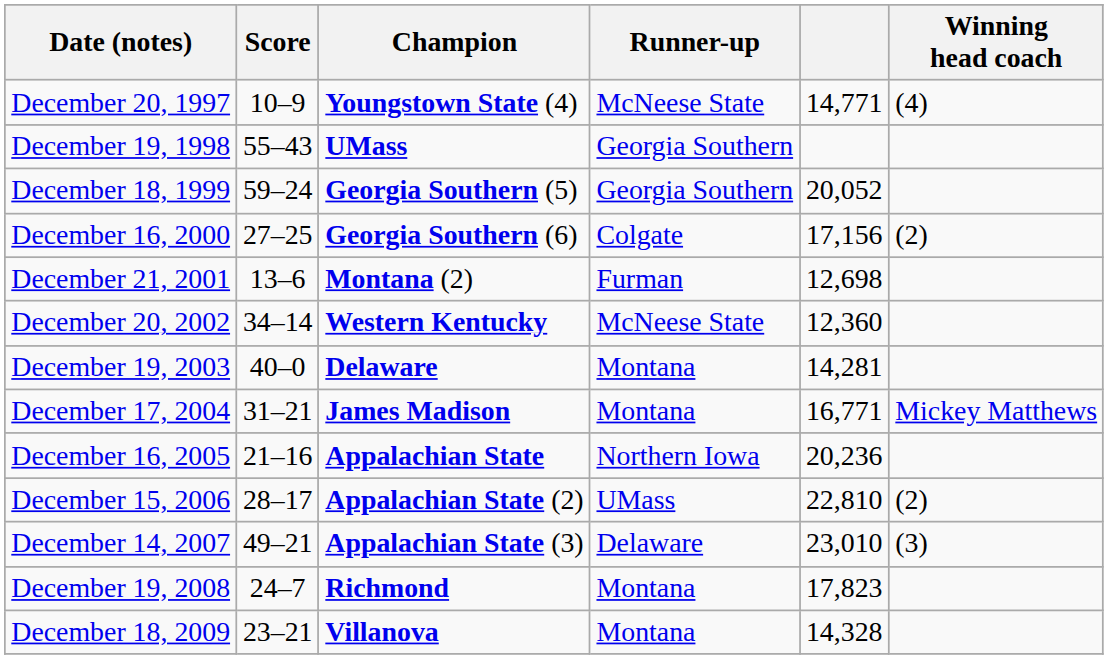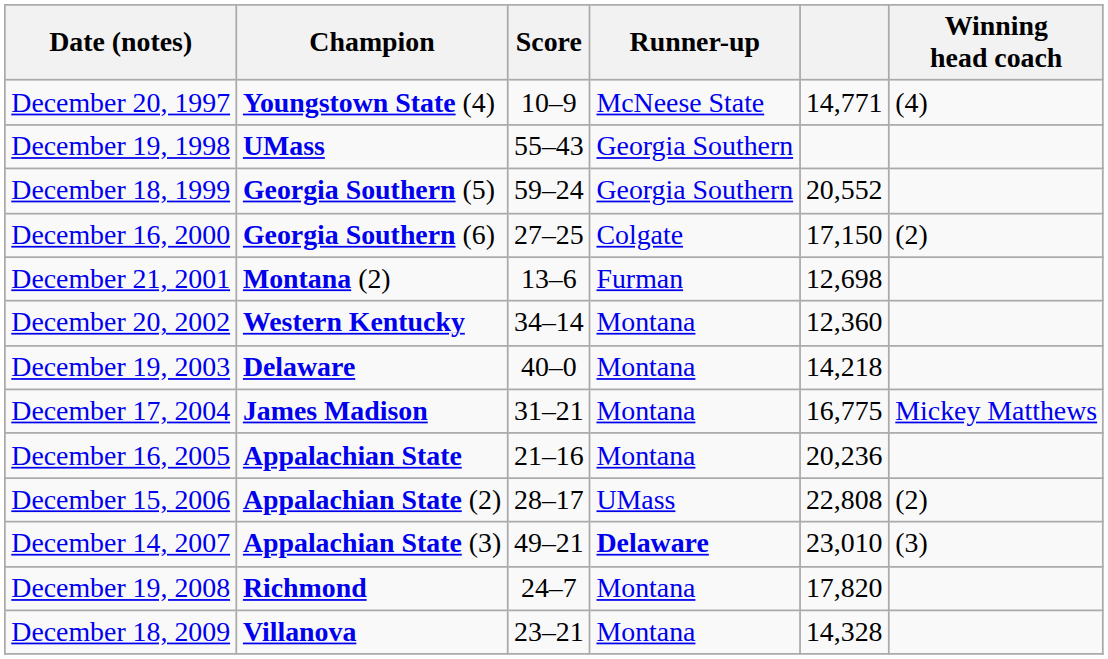 <table class="wikitable sortable">
 <tr>
 <th>Date (notes)</th>
+<th>Champion</th>
 <th>Score</th>
-<th>Champion</th>
 <th>Runner-up</th>
 <th></th>
 <th>Winning<br>head coach</th>
 </tr>
 <tr>
 <td align=center><a href='#'>December 20, 1997</a></td>
+<td><a href='#'><strong>Youngstown State</strong></a> (4)</td>
 <td align=center>10–9</td>
-<td><a href='#'><strong>Youngstown State</strong></a> (4)</td>
 <td><a href='#'>McNeese State</a></td>
 <td align=center>14,771</td>
 <td> (4)</td>
 </tr>
 <tr>
 <td align=center><a href='#'>December 19, 1998</a></td>
+<td><strong><a href='#'>UMass</a></strong></td>
 <td align=center>55–43</td>
-<td><strong><a href='#'>UMass</a></strong></td>
 <td><a href='#'>Georgia Southern</a></td>
 <td></td>
 <td></td>
 </tr>
 <tr>
 <td align=center><a href='#'>December 18, 1999</a></td>
+<td><a href='#'><strong>Georgia Southern</strong></a> (5)</td>
 <td align=center>59–24</td>
-<td><a href='#'><strong>Georgia Southern</strong></a> (5)</td>
 <td><a href='#'>Georgia Southern</a></td>
-<td align=center>20,052</td>
+<td align=center>20,552</td>
 <td></td>
 </tr>
 <tr>
 <td align=center><a href='#'>December 16, 2000</a></td>
+<td><a href='#'><strong>Georgia Southern</strong></a> (6)</td>
 <td align=center>27–25</td>
-<td><a href='#'><strong>Georgia Southern</strong></a> (6)</td>
 <td><a href='#'>Colgate</a></td>
-<td align=center>17,156</td>
+<td align=center>17,150</td>
 <td> (2)</td>
 </tr>
 <tr>
 <td align=center><a href='#'>December 21, 2001</a></td>
+<td><strong><a href='#'>Montana</a></strong> (2)</td>
 <td align=center>13–6</td>
-<td><strong><a href='#'>Montana</a></strong> (2)</td>
 <td><a href='#'>Furman</a></td>
 <td align=center>12,698</td>
 <td></td>
 </tr>
 <tr>
 <td align=center><a href='#'>December 20, 2002</a></td>
+<td><a href='#'><strong>Western Kentucky</strong></a></td>
 <td align=center>34–14</td>
-<td><a href='#'><strong>Western Kentucky</strong></a></td>
-<td><a href='#'>McNeese State</a></td>
+<td><a href='#'>Montana</a></td>
 <td align=center>12,360</td>
 <td></td>
 </tr>
 <tr>
 <td align=center><a href='#'>December 19, 2003</a></td>
+<td><strong><a href='#'>Delaware</a></strong></td>
 <td align=center>40–0</td>
-<td><strong><a href='#'>Delaware</a></strong></td>
 <td><a href='#'>Montana</a></td>
-<td align=center>14,281</td>
+<td align=center>14,218</td>
 <td></td>
 </tr>
 <tr>
 <td align=center><a href='#'>December 17, 2004</a></td>
+<td><a href='#'><strong>James Madison</strong></a></td>
 <td align=center>31–21</td>
-<td><a href='#'><strong>James Madison</strong></a></td>
 <td><a href='#'>Montana</a></td>
-<td align=center>16,771</td>
+<td align=center>16,775</td>
 <td><a href='#'>Mickey Matthews</a></td>
 </tr>
 <tr>
 <td align=center><a href='#'>December 16, 2005</a></td>
+<td><strong><a href='#'>Appalachian State</a></strong></td>
 <td align=center>21–16</td>
-<td><strong><a href='#'>Appalachian State</a></strong></td>
-<td><a href='#'>Northern Iowa</a></td>
+<td><a href='#'>Montana</a></td>
 <td align=center>20,236</td>
 <td></td>
 </tr>
 <tr>
 <td align=center><a href='#'>December 15, 2006</a></td>
+<td><strong><a href='#'>Appalachian State</a></strong> (2)</td>
 <td align=center>28–17</td>
-<td><strong><a href='#'>Appalachian State</a></strong> (2)</td>
 <td><a href='#'>UMass</a></td>
-<td align=center>22,810</td>
+<td align=center>22,808</td>
 <td> (2)</td>
 </tr>
 <tr>
 <td align=center><a href='#'>December 14, 2007</a></td>
+<td><strong><a href='#'>Appalachian State</a></strong> (3)</td>
 <td align=center>49–21</td>
-<td><strong><a href='#'>Appalachian State</a></strong> (3)</td>
-<td><a href='#'>Delaware</a></td>
+<td><strong><a href='#'>Delaware</a></strong></td>
 <td align=center>23,010</td>
 <td> (3)</td>
 </tr>
 <tr>
 <td align=center><a href='#'>December 19, 2008</a></td>
+<td><strong><a href='#'>Richmond</a></strong></td>
 <td align=center>24–7</td>
-<td><strong><a href='#'>Richmond</a></strong></td>
 <td><a href='#'>Montana</a></td>
-<td align=center>17,823</td>
+<td align=center>17,820</td>
 <td></td>
 </tr>
 <tr>
 <td align=center><a href='#'>December 18, 2009</a></td>
+<td><strong><a href='#'>Villanova</a></strong></td>
 <td align=center>23–21</td>
-<td><strong><a href='#'>Villanova</a></strong></td>
 <td><a href='#'>Montana</a></td>
 <td align=center>14,328</td>
 <td></td>
 </tr>
 </table>
